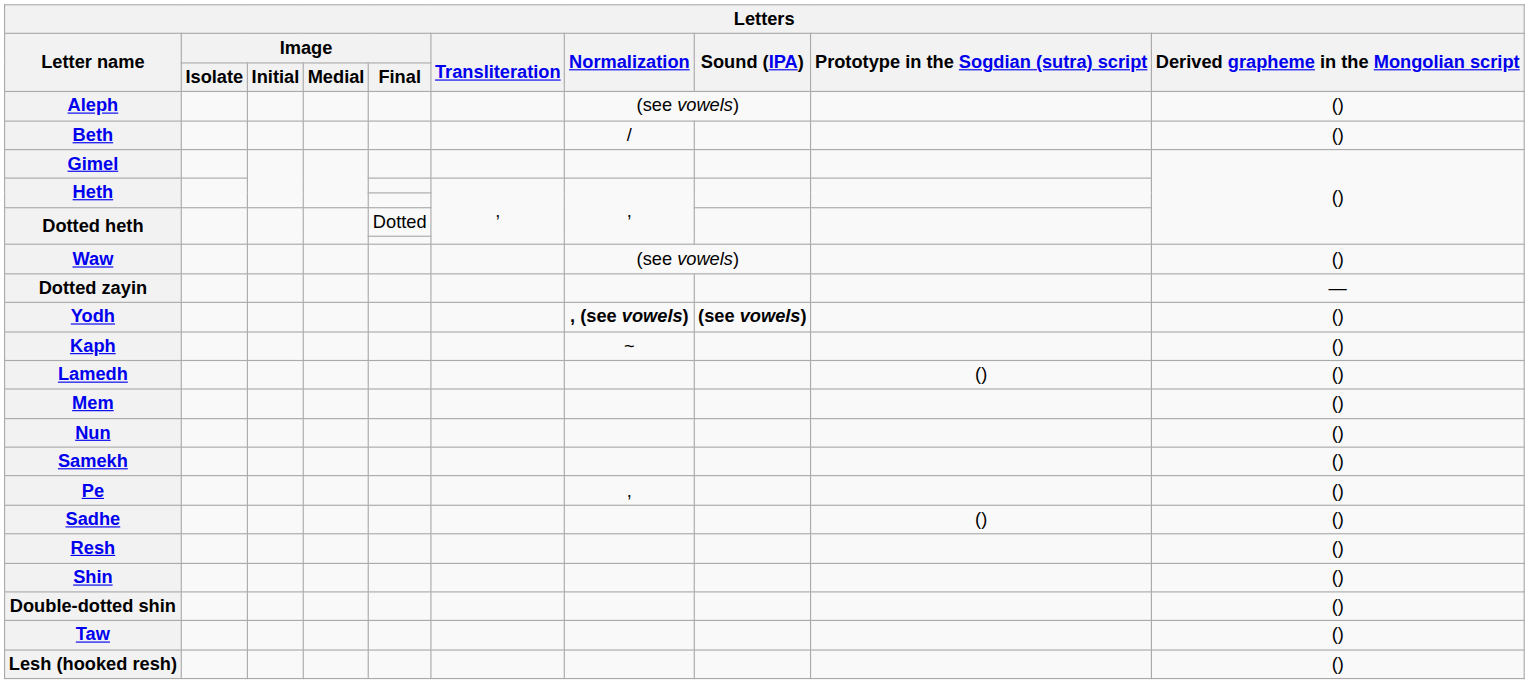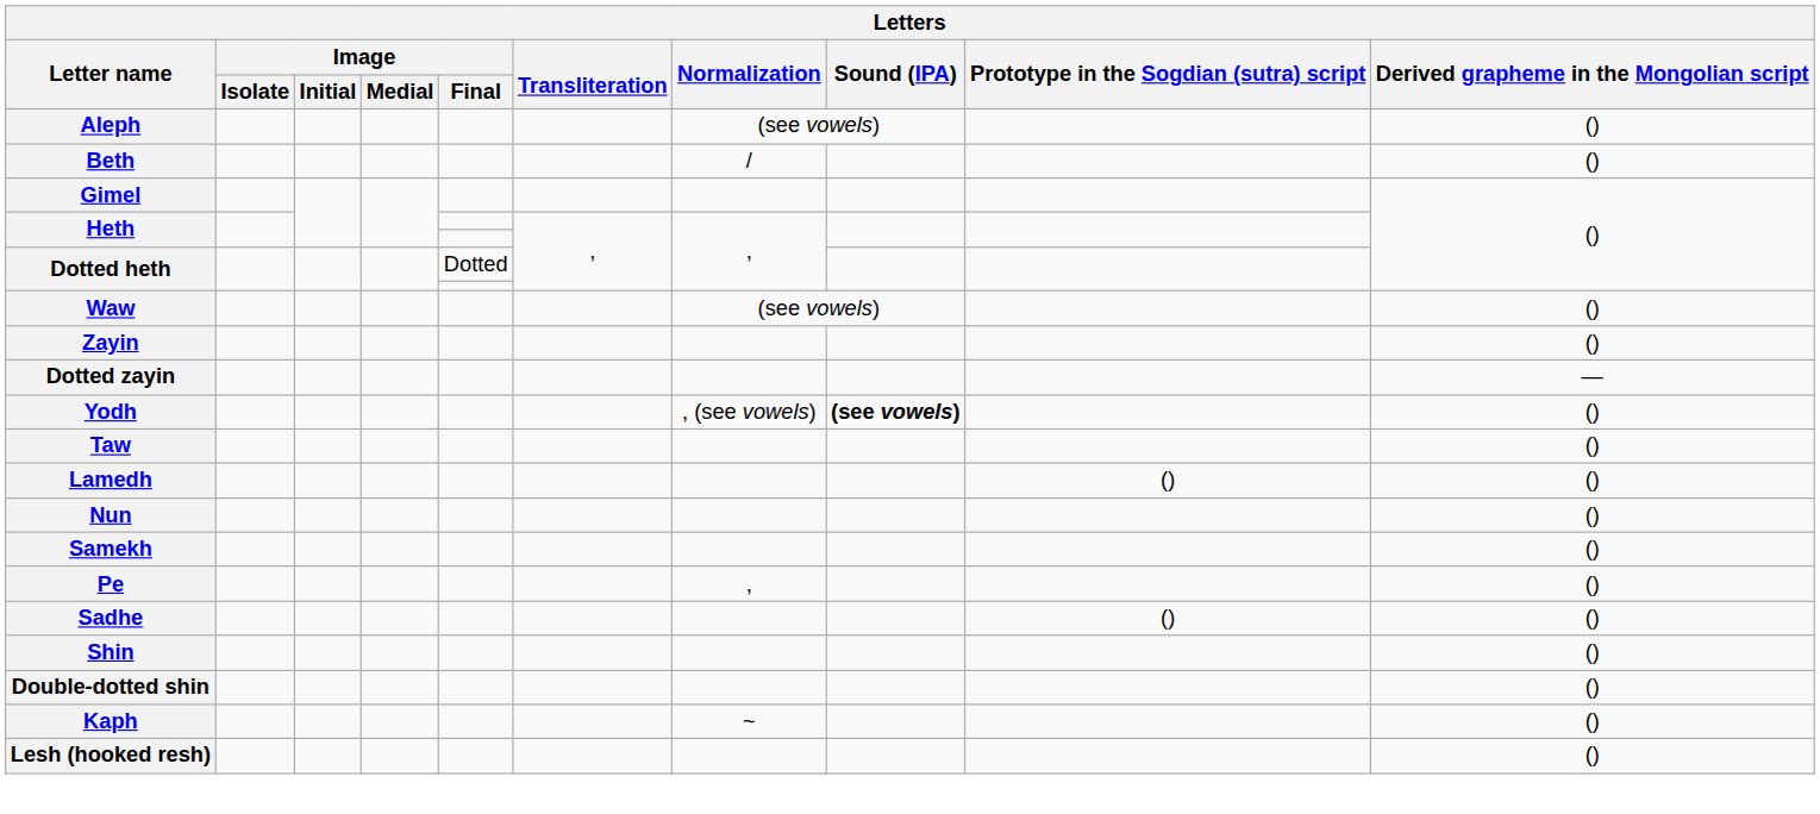 <table class="wikitable" style="text-align: center; display: inline-table">
 <tr>
 <th colspan="10">Letters</th>
 </tr>
 <tr>
 <th rowspan="2">Letter name</th>
 <th colspan="4">Image</th>
 <th rowspan="2"><br><a href='#'>Transliteration</a></th>
 <th rowspan="2"><a href='#'>Normalization</a></th>
 <th rowspan="2">Sound (<a href='#'>IPA</a>)</th>
 <th rowspan="2">Prototype in the <a href='#'>Sogdian (sutra) script</a></th>
 <th rowspan="2">Derived <a href='#'>grapheme</a> in the <a href='#'>Mongolian script</a></th>
 </tr>
 <tr>
 <th>Isolate</th>
 <th>Initial</th>
 <th>Medial</th>
 <th>Final</th>
 </tr>
 <tr>
 <th><a href='#'>Aleph</a></th>
 <td></td>
 <td></td>
 <td></td>
 <td></td>
 <td><br></td>
 <td colspan="2">(see <em>vowels</em>)</td>
 <td><em></em></td>
 <td>(<em></em>)</td>
 </tr>
 <tr>
 <th><a href='#'>Beth</a></th>
 <td></td>
 <td></td>
 <td></td>
 <td></td>
 <td><br><em></em></td>
 <td><em></em> / <em></em></td>
 <td></td>
 <td><em></em></td>
 <td>(<em></em>)</td>
 </tr>
 <tr>
 <th><a href='#'>Gimel</a></th>
 <td></td>
 <td rowspan="3"></td>
 <td rowspan="3"></td>
 <td></td>
 <td><em></em></td>
 <td><em></em></td>
 <td></td>
 <td><em></em></td>
 <td rowspan="5">(<em></em>)</td>
 </tr>
 <tr>
 <th rowspan="2"><a href='#'>Heth</a></th>
 <td rowspan="2"></td>
 <td></td>
 <td rowspan="4"><em></em>, <em></em></td>
 <td rowspan="4"><em></em>, <em></em></td>
 <td rowspan="2"></td>
 <td rowspan="2"><em></em></td>
 </tr>
 <tr>
 <td></td>
 </tr>
 <tr>
 <th rowspan="2">Dotted heth</th>
 <td rowspan="2"></td>
 <td rowspan="2"></td>
 <td rowspan="2"></td>
 <td>Dotted </td>
 <td rowspan="2"></td>
 <td rowspan="2"></td>
 </tr>
 <tr>
 <td></td>
 </tr>
 <tr>
 <th><a href='#'>Waw</a></th>
 <td></td>
 <td></td>
 <td></td>
 <td></td>
 <td><br><em></em></td>
 <td colspan="2">(see <em>vowels</em>)</td>
 <td><em></em></td>
 <td>(<em></em>)</td>
 </tr>
 <tr>
+<th><a href='#'>Zayin</a></th>
+<td></td>
+<td><span></span></td>
+<td><span></span></td>
+<td></td>
+<td><em></em></td>
+<td><em></em></td>
+<td></td>
+<td><em></em></td>
+<td>(<em></em>)</td>
+</tr>
+<tr>
 <th>Dotted zayin</th>
 <td></td>
 <td></td>
 <td></td>
 <td></td>
 <td></td>
 <td><em></em></td>
 <td></td>
 <td><em></em></td>
 <td>—</td>
 </tr>
 <tr>
 <th><a href='#'>Yodh</a></th>
 <td></td>
 <td></td>
 <td></td>
 <td></td>
 <td><em></em></td>
-<td><strong><em></em>, (see <em>vowels</em>)</strong></td>
+<td><em></em>, (see <em>vowels</em>)</td>
 <td><strong> (see <em>vowels</em>)</strong></td>
 <td><em></em></td>
 <td>(<em></em>)</td>
 </tr>
 <tr>
-<th><a href='#'>Kaph</a></th>
+<th><a href='#'>Taw</a></th>
 <td></td>
 <td></td>
 <td></td>
 <td></td>
 <td><em></em></td>
-<td><em></em> ~ <em></em></td>
+<td><em></em></td>
 <td></td>
 <td><em></em></td>
 <td>(<em></em>)</td>
 </tr>
 <tr>
 <th><a href='#'>Lamedh</a></th>
 <td></td>
 <td></td>
 <td></td>
 <td></td>
 <td><br><em></em></td>
 <td><em></em></td>
 <td></td>
 <td><em></em> (<em></em>)</td>
-<td>(<em></em>)</td>
-</tr>
-<tr>
-<th><a href='#'>Mem</a></th>
-<td></td>
-<td></td>
-<td></td>
-<td></td>
-<td><em></em></td>
-<td><em></em></td>
-<td></td>
-<td><em></em></td>
 <td>(<em></em>)</td>
 </tr>
 <tr>
 <th><a href='#'>Nun</a></th>
 <td></td>
 <td></td>
 <td></td>
 <td></td>
 <td><em></em></td>
 <td><em></em></td>
 <td></td>
 <td><em></em></td>
 <td>(<em></em>)</td>
 </tr>
 <tr>
 <th><a href='#'>Samekh</a></th>
 <td></td>
 <td></td>
 <td></td>
 <td></td>
 <td><em></em></td>
 <td><em></em></td>
 <td></td>
 <td><em></em></td>
 <td>(<em></em>)</td>
 </tr>
 <tr>
 <th><a href='#'>Pe</a></th>
 <td></td>
 <td></td>
 <td></td>
 <td></td>
 <td><em></em></td>
 <td><em></em>, <em></em></td>
 <td></td>
 <td><em></em></td>
 <td>(<em></em>)</td>
 </tr>
 <tr>
 <th><a href='#'>Sadhe</a></th>
 <td></td>
 <td></td>
 <td></td>
 <td></td>
 <td><em></em></td>
 <td><em></em></td>
 <td></td>
 <td><em></em> (<em></em>)</td>
 <td>(<em></em>)</td>
 </tr>
 <tr>
-<th><a href='#'>Resh</a></th>
-<td></td>
-<td></td>
-<td></td>
-<td></td>
-<td><em></em></td>
-<td><em></em></td>
-<td></td>
-<td><em></em></td>
-<td>(<em></em>)</td>
-</tr>
-<tr>
 <th><a href='#'>Shin</a></th>
 <td></td>
 <td></td>
 <td></td>
 <td></td>
 <td><em></em></td>
 <td><em></em></td>
 <td></td>
 <td><em></em></td>
 <td>(<em></em>)</td>
 </tr>
 <tr>
 <th>Double-dotted shin</th>
 <td></td>
 <td></td>
 <td></td>
 <td></td>
 <td><em></em></td>
 <td><em></em></td>
 <td></td>
 <td></td>
 <td>(<em></em>)</td>
 </tr>
 <tr>
-<th><a href='#'>Taw</a></th>
+<th><a href='#'>Kaph</a></th>
 <td></td>
 <td></td>
 <td></td>
 <td></td>
 <td><em></em></td>
-<td><em></em></td>
+<td><em></em> ~ <em></em></td>
 <td></td>
 <td><em></em></td>
 <td>(<em></em>)</td>
 </tr>
 <tr>
 <th>Lesh (hooked resh)</th>
 <td></td>
 <td></td>
 <td></td>
 <td></td>
 <td><em></em></td>
 <td><em></em></td>
 <td></td>
 <td></td>
 <td>(<em></em>)</td>
 </tr>
 </table>
